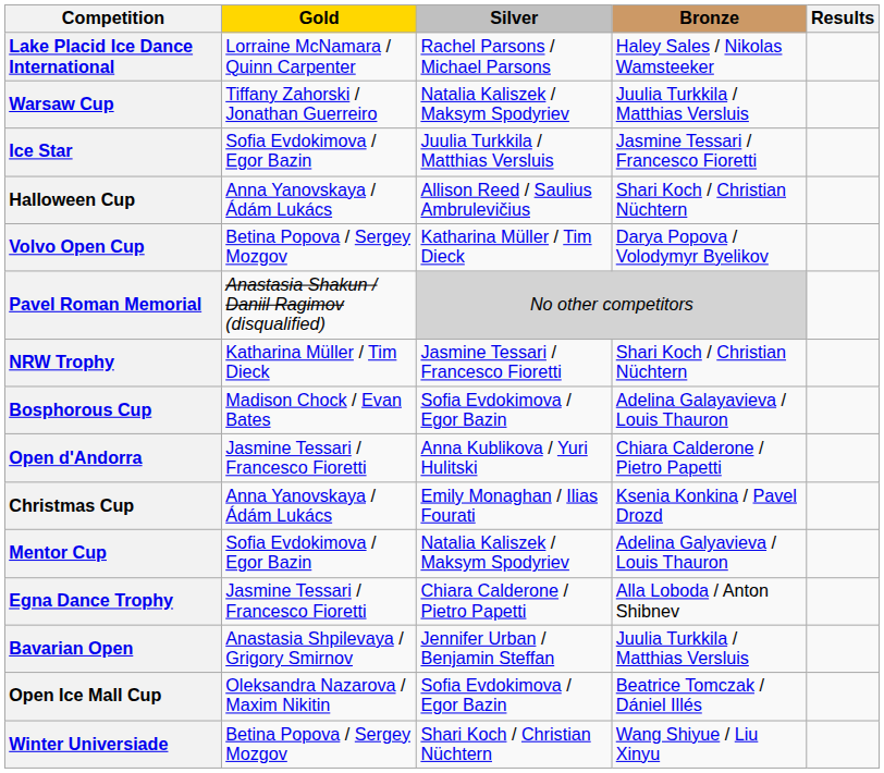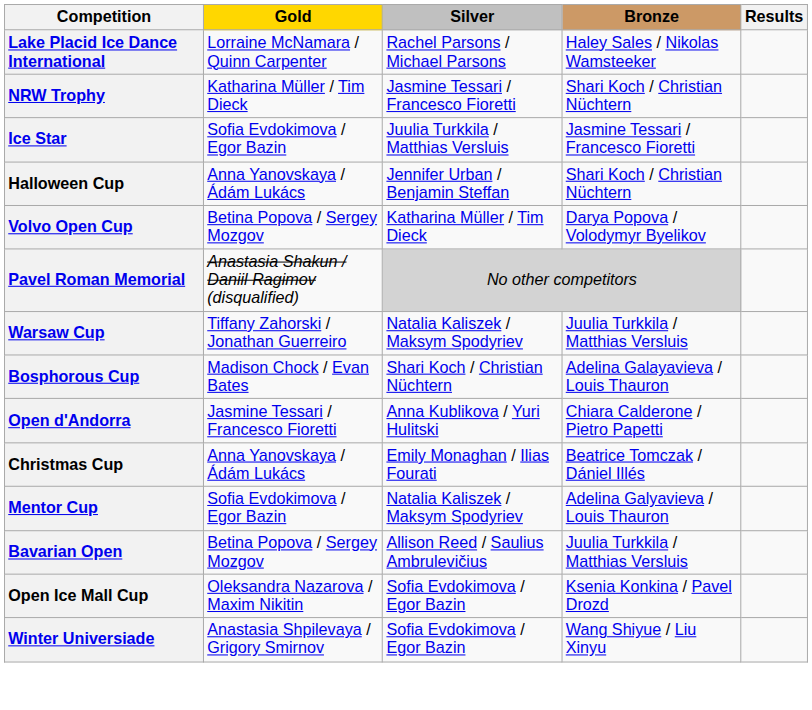 <table class="wikitable unsortable" style="text-align:left; width:90%;">
 <tr>
 <th scope="col" style="text-align:center; width:25%;">Competition</th>
 <td scope="col" style="text-align:center; width:22.5%; background:gold"><strong>Gold</strong></td>
 <td scope="col" style="text-align:center; width:22.5%; background:silver"><strong>Silver</strong></td>
 <td scope="col" style="text-align:center; width:22.5%; background:#c96"><strong>Bronze</strong></td>
 <th scope="col" style="text-align:center; width:7.5%;">Results</th>
 </tr>
 <tr>
 <th scope="row" style="text-align:left"> <a href='#'>Lake Placid Ice Dance International</a></th>
 <td> <a href='#'>Lorraine McNamara</a> / <a href='#'>Quinn Carpenter</a></td>
 <td> <a href='#'>Rachel Parsons</a> / <a href='#'>Michael Parsons</a></td>
 <td> <a href='#'>Haley Sales</a> / <a href='#'>Nikolas Wamsteeker</a></td>
 <td></td>
 </tr>
 <tr>
-<th scope="row" style="text-align:left"> <a href='#'>Warsaw Cup</a></th>
-<td> <a href='#'>Tiffany Zahorski</a> / <a href='#'>Jonathan Guerreiro</a></td>
-<td> <a href='#'>Natalia Kaliszek</a> / <a href='#'>Maksym Spodyriev</a></td>
-<td> <a href='#'>Juulia Turkkila</a> / <a href='#'>Matthias Versluis</a></td>
+<th scope="row" style="text-align:left"> <a href='#'>NRW Trophy</a></th>
+<td> <a href='#'>Katharina Müller</a> / <a href='#'>Tim Dieck</a></td>
+<td> <a href='#'>Jasmine Tessari</a> / <a href='#'>Francesco Fioretti</a></td>
+<td> <a href='#'>Shari Koch</a> / <a href='#'>Christian Nüchtern</a></td>
 <td></td>
 </tr>
 <tr>
 <th scope="row" style="text-align:left"> <a href='#'>Ice Star</a></th>
 <td> <a href='#'>Sofia Evdokimova</a> / <a href='#'>Egor Bazin</a></td>
 <td> <a href='#'>Juulia Turkkila</a> / <a href='#'>Matthias Versluis</a></td>
 <td> <a href='#'>Jasmine Tessari</a> / <a href='#'>Francesco Fioretti</a></td>
 <td></td>
 </tr>
 <tr>
 <th scope="row" style="text-align:left"> Halloween Cup</th>
 <td> <a href='#'>Anna Yanovskaya</a> / <a href='#'>Ádám Lukács</a></td>
-<td> <a href='#'>Allison Reed</a> / <a href='#'>Saulius Ambrulevičius</a></td>
+<td> <a href='#'>Jennifer Urban</a> / <a href='#'>Benjamin Steffan</a></td>
 <td> <a href='#'>Shari Koch</a> / <a href='#'>Christian Nüchtern</a></td>
 <td></td>
 </tr>
 <tr>
 <th scope="row" style="text-align:left"> <a href='#'>Volvo Open Cup</a></th>
 <td> <a href='#'>Betina Popova</a> / <a href='#'>Sergey Mozgov</a></td>
 <td> <a href='#'>Katharina Müller</a> / <a href='#'>Tim Dieck</a></td>
 <td> <a href='#'>Darya Popova</a> / <a href='#'>Volodymyr Byelikov</a></td>
 <td></td>
 </tr>
 <tr>
 <th scope="row" style="text-align:left"> <a href='#'>Pavel Roman Memorial</a></th>
 <td><s> <em>Anastasia Shakun / Daniil Ragimov</em></s> <em>(disqualified)</em> </td>
 <td colspan="2" align=center bgcolor="lightgray"><em>No other competitors</em></td>
 <td></td>
 </tr>
 <tr>
-<th scope="row" style="text-align:left"> <a href='#'>NRW Trophy</a></th>
-<td> <a href='#'>Katharina Müller</a> / <a href='#'>Tim Dieck</a></td>
-<td> <a href='#'>Jasmine Tessari</a> / <a href='#'>Francesco Fioretti</a></td>
-<td> <a href='#'>Shari Koch</a> / <a href='#'>Christian Nüchtern</a></td>
+<th scope="row" style="text-align:left"> <a href='#'>Warsaw Cup</a></th>
+<td> <a href='#'>Tiffany Zahorski</a> / <a href='#'>Jonathan Guerreiro</a></td>
+<td> <a href='#'>Natalia Kaliszek</a> / <a href='#'>Maksym Spodyriev</a></td>
+<td> <a href='#'>Juulia Turkkila</a> / <a href='#'>Matthias Versluis</a></td>
 <td></td>
 </tr>
 <tr>
 <th scope="row" style="text-align:left"> <a href='#'>Bosphorous Cup</a></th>
 <td> <a href='#'>Madison Chock</a> / <a href='#'>Evan Bates</a></td>
-<td> <a href='#'>Sofia Evdokimova</a> / <a href='#'>Egor Bazin</a></td>
+<td> <a href='#'>Shari Koch</a> / <a href='#'>Christian Nüchtern</a></td>
 <td> <a href='#'>Adelina Galayavieva</a> / <a href='#'>Louis Thauron</a></td>
 <td></td>
 </tr>
 <tr>
 <th scope="row" style="text-align:left"> <a href='#'>Open d'Andorra</a></th>
 <td> <a href='#'>Jasmine Tessari</a> / <a href='#'>Francesco Fioretti</a></td>
 <td> <a href='#'>Anna Kublikova</a> / <a href='#'>Yuri Hulitski</a></td>
 <td> <a href='#'>Chiara Calderone</a> / <a href='#'>Pietro Papetti</a></td>
 <td></td>
 </tr>
 <tr>
 <th scope="row" style="text-align:left"> Christmas Cup</th>
 <td> <a href='#'>Anna Yanovskaya</a> / <a href='#'>Ádám Lukács</a></td>
 <td> <a href='#'>Emily Monaghan</a> / <a href='#'>Ilias Fourati</a></td>
-<td> <a href='#'>Ksenia Konkina</a> / <a href='#'>Pavel Drozd</a></td>
+<td> <a href='#'>Beatrice Tomczak</a> / <a href='#'>Dániel Illés</a></td>
 <td></td>
 </tr>
 <tr>
 <th scope="row" style="text-align:left"> <a href='#'>Mentor Cup</a></th>
 <td> <a href='#'>Sofia Evdokimova</a> / <a href='#'>Egor Bazin</a></td>
 <td> <a href='#'>Natalia Kaliszek</a> / <a href='#'>Maksym Spodyriev</a></td>
 <td> <a href='#'>Adelina Galyavieva</a> / <a href='#'>Louis Thauron</a></td>
 <td></td>
 </tr>
 <tr>
-<th scope="row" style="text-align:left"> <a href='#'>Egna Dance Trophy</a></th>
-<td> <a href='#'>Jasmine Tessari</a> / <a href='#'>Francesco Fioretti</a></td>
-<td> <a href='#'>Chiara Calderone</a> / <a href='#'>Pietro Papetti</a></td>
-<td> <a href='#'>Alla Loboda</a> / Anton Shibnev</td>
-<td></td>
-</tr>
-<tr>
 <th scope="row" style="text-align:left"> <a href='#'>Bavarian Open</a></th>
-<td> <a href='#'>Anastasia Shpilevaya</a> / <a href='#'>Grigory Smirnov</a></td>
-<td> <a href='#'>Jennifer Urban</a> / <a href='#'>Benjamin Steffan</a></td>
+<td> <a href='#'>Betina Popova</a> / <a href='#'>Sergey Mozgov</a></td>
+<td> <a href='#'>Allison Reed</a> / <a href='#'>Saulius Ambrulevičius</a></td>
 <td> <a href='#'>Juulia Turkkila</a> / <a href='#'>Matthias Versluis</a></td>
 <td></td>
 </tr>
 <tr>
 <th scope="row" style="text-align:left"> Open Ice Mall Cup</th>
 <td> <a href='#'>Oleksandra Nazarova</a> / <a href='#'>Maxim Nikitin</a></td>
 <td> <a href='#'>Sofia Evdokimova</a> / <a href='#'>Egor Bazin</a></td>
-<td> <a href='#'>Beatrice Tomczak</a> / <a href='#'>Dániel Illés</a></td>
+<td> <a href='#'>Ksenia Konkina</a> / <a href='#'>Pavel Drozd</a></td>
 <td></td>
 </tr>
 <tr>
 <th scope="row" style="text-align:left"> <a href='#'>Winter Universiade</a></th>
-<td> <a href='#'>Betina Popova</a> / <a href='#'>Sergey Mozgov</a></td>
-<td> <a href='#'>Shari Koch</a> / <a href='#'>Christian Nüchtern</a></td>
+<td> <a href='#'>Anastasia Shpilevaya</a> / <a href='#'>Grigory Smirnov</a></td>
+<td> <a href='#'>Sofia Evdokimova</a> / <a href='#'>Egor Bazin</a></td>
 <td> <a href='#'>Wang Shiyue</a> / <a href='#'>Liu Xinyu</a></td>
 <td></td>
 </tr>
 </table>
